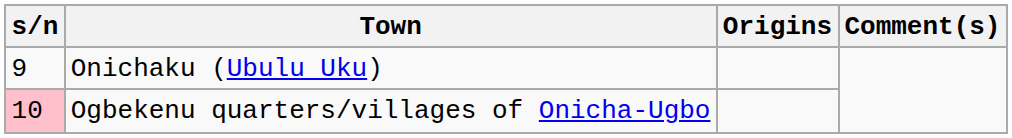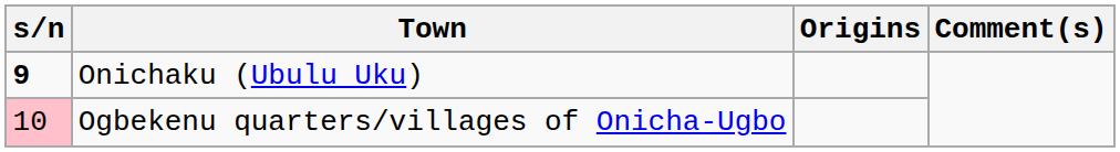 <table class="wikitable" style="margin:1em auto;">
 <tr>
 <th>s/n</th>
 <th>Town</th>
 <th>Origins</th>
 <th>Comment(s)</th>
 </tr>
 <tr>
-<td>9</td>
+<td><strong>9</strong></td>
 <td>Onichaku (<a href='#'>Ubulu Uku</a>)</td>
 <td></td>
 </tr>
 <tr>
 <td style="background: pink;">10</td>
 <td>Ogbekenu quarters/villages of <a href='#'>Onicha-Ugbo</a></td>
 <td></td>
 </tr>
 </table>
